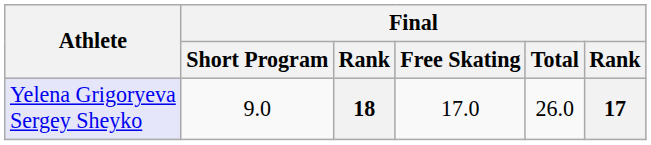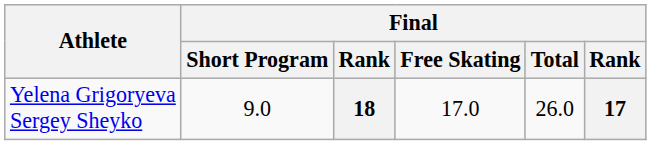 <table class="wikitable" style="font-size:90%">
 <tr>
 <th rowspan="2">Athlete</th>
 <th colspan="9">Final</th>
 </tr>
 <tr>
 <th>Short Program</th>
 <th>Rank</th>
 <th>Free Skating</th>
 <th>Total</th>
 <th>Rank</th>
 </tr>
 <tr>
-<td style="background: lavender;"><a href='#'>Yelena Grigoryeva</a><br><a href='#'>Sergey Sheyko</a></td>
+<td><a href='#'>Yelena Grigoryeva</a><br><a href='#'>Sergey Sheyko</a></td>
 <td align="center">9.0</td>
 <th align="center">18</th>
 <td align="center">17.0</td>
 <td align="center">26.0</td>
 <th align="center">17</th>
 </tr>
 </table>
